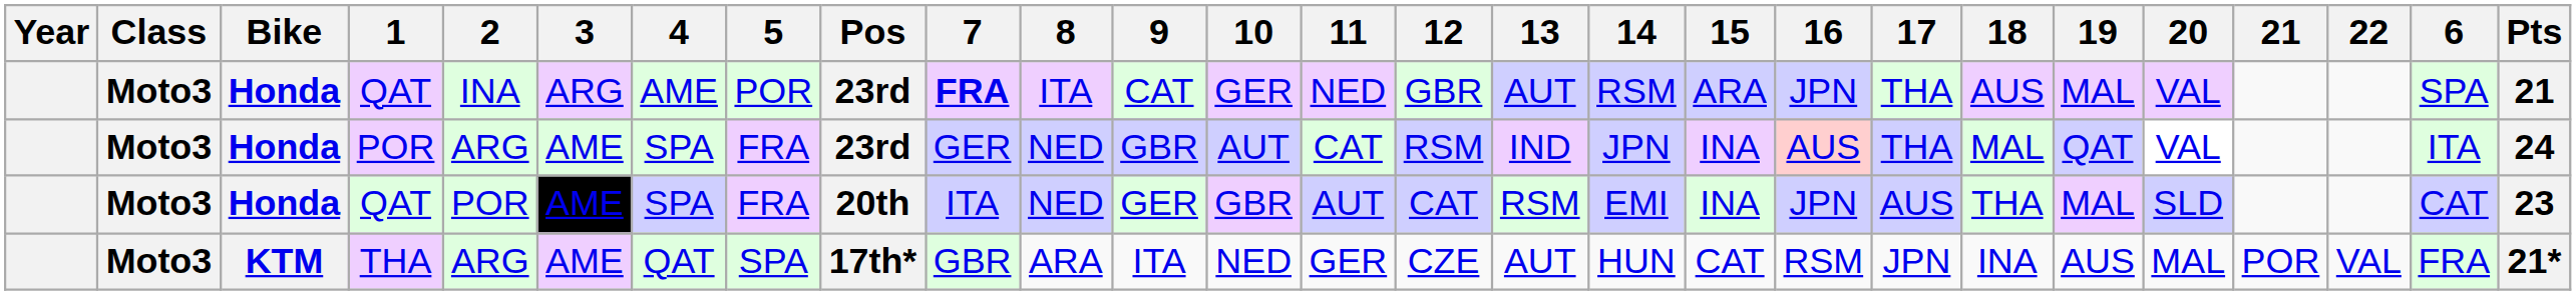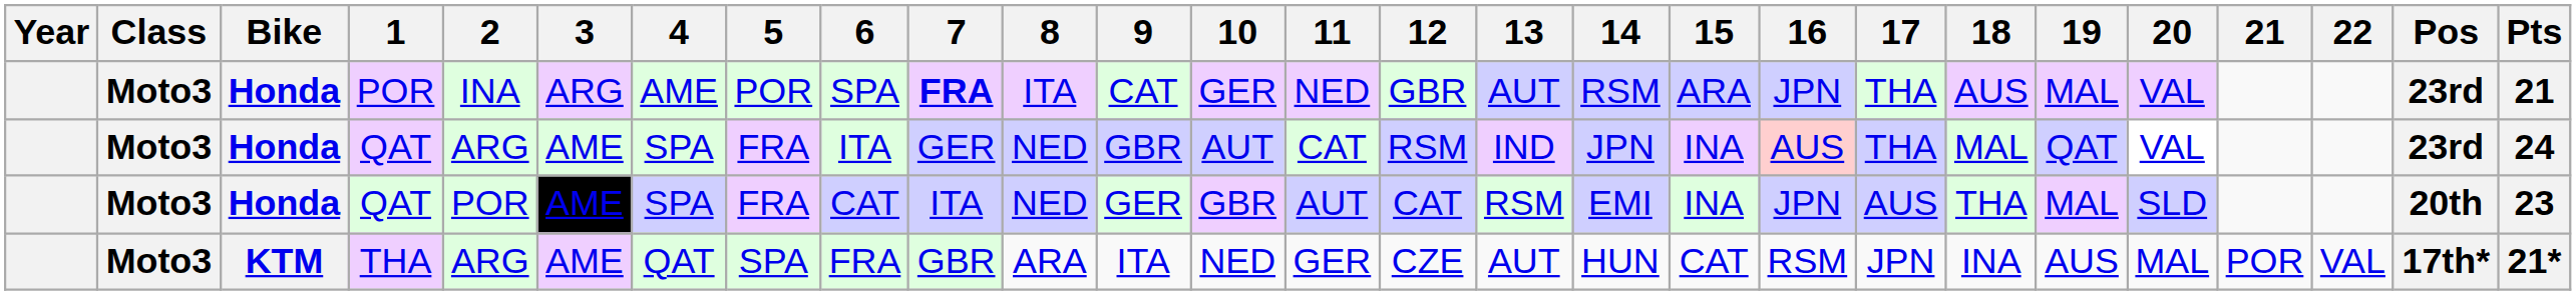 <table class="wikitable" style="text-align:center;">
 <tr>
 <th>Year</th>
 <th>Class</th>
 <th>Bike</th>
 <th>1</th>
 <th>2</th>
 <th>3</th>
 <th>4</th>
 <th>5</th>
-<th>Pos</th>
+<th>6</th>
 <th>7</th>
 <th>8</th>
 <th>9</th>
 <th>10</th>
 <th>11</th>
 <th>12</th>
 <th>13</th>
 <th>14</th>
 <th>15</th>
 <th>16</th>
 <th>17</th>
 <th>18</th>
 <th>19</th>
 <th>20</th>
 <th>21</th>
 <th>22</th>
-<th>6</th>
+<th>Pos</th>
 <th>Pts</th>
 </tr>
 <tr>
 <th></th>
 <th>Moto3</th>
 <th><a href='#'>Honda</a></th>
-<td style="background:#efcfff;"><a href='#'>QAT</a><br></td>
+<td style="background:#efcfff;"><a href='#'>POR</a><br></td>
 <td style="background:#dfffdf;"><a href='#'>INA</a><br></td>
 <td style="background:#efcfff;"><a href='#'>ARG</a><br></td>
 <td style="background:#dfffdf;"><a href='#'>AME</a><br></td>
 <td style="background:#dfffdf;"><a href='#'>POR</a><br></td>
-<th>23rd</th>
+<td style="background:#dfffdf;"><a href='#'>SPA</a><br></td>
 <td style="background:#efcfff;"><strong><a href='#'>FRA</a><br></strong></td>
 <td style="background:#efcfff;"><a href='#'>ITA</a><br></td>
 <td style="background:#dfffdf;"><a href='#'>CAT</a><br></td>
 <td style="background:#efcfff;"><a href='#'>GER</a><br></td>
 <td style="background:#efcfff;"><a href='#'>NED</a><br></td>
 <td style="background:#dfffdf;"><a href='#'>GBR</a><br></td>
 <td style="background:#cfcfff;"><a href='#'>AUT</a><br></td>
 <td style="background:#cfcfff;"><a href='#'>RSM</a><br></td>
 <td style="background:#cfcfff;"><a href='#'>ARA</a><br></td>
 <td style="background:#cfcfff;"><a href='#'>JPN</a><br></td>
 <td style="background:#dfffdf;"><a href='#'>THA</a><br></td>
 <td style="background:#efcfff;"><a href='#'>AUS</a><br></td>
 <td style="background:#efcfff;"><a href='#'>MAL</a><br></td>
 <td style="background:#efcfff;"><a href='#'>VAL</a><br></td>
 <td></td>
 <td></td>
-<td style="background:#dfffdf;"><a href='#'>SPA</a><br></td>
+<th>23rd</th>
 <th>21</th>
 </tr>
 <tr>
 <th></th>
 <th>Moto3</th>
 <th><a href='#'>Honda</a></th>
-<td style="background:#efcfff;"><a href='#'>POR</a><br></td>
+<td style="background:#efcfff;"><a href='#'>QAT</a><br></td>
 <td style="background:#dfffdf;"><a href='#'>ARG</a><br></td>
 <td style="background:#dfffdf;"><a href='#'>AME</a><br></td>
 <td style="background:#dfffdf;"><a href='#'>SPA</a><br></td>
 <td style="background:#efcfff;"><a href='#'>FRA</a><br></td>
-<th>23rd</th>
+<td style="background:#dfffdf;"><a href='#'>ITA</a><br></td>
 <td style="background:#cfcfff;"><a href='#'>GER</a><br></td>
 <td style="background:#cfcfff;"><a href='#'>NED</a><br></td>
 <td style="background:#cfcfff;"><a href='#'>GBR</a><br></td>
 <td style="background:#cfcfff;"><a href='#'>AUT</a><br></td>
 <td style="background:#dfffdf;"><a href='#'>CAT</a><br></td>
 <td style="background:#cfcfff;"><a href='#'>RSM</a><br></td>
 <td style="background:#efcfff;"><a href='#'>IND</a><br></td>
 <td style="background:#cfcfff;"><a href='#'>JPN</a><br></td>
 <td style="background:#efcfff;"><a href='#'>INA</a><br></td>
 <td style="background:#ffcfcf;"><a href='#'>AUS</a><br></td>
 <td style="background:#cfcfff;"><a href='#'>THA</a><br></td>
 <td style="background:#dfffdf;"><a href='#'>MAL</a><br></td>
 <td style="background:#cfcfff;"><a href='#'>QAT</a><br></td>
 <td style="background:#ffffff;"><a href='#'>VAL</a><br></td>
 <td></td>
 <td></td>
-<td style="background:#dfffdf;"><a href='#'>ITA</a><br></td>
+<th>23rd</th>
 <th>24</th>
 </tr>
 <tr>
 <th></th>
 <th>Moto3</th>
 <th><a href='#'>Honda</a></th>
 <td style="background:#DFFFDF;"><a href='#'>QAT</a><br></td>
 <td style="background:#DFFFDF;"><a href='#'>POR</a><br></td>
 <td style="background:#000000; color:#FFFFFF;"><a href='#'><span>AME</span></a><br></td>
 <td style="background:#CFCFFF;"><a href='#'>SPA</a><br></td>
 <td style="background:#EFCFFF;"><a href='#'>FRA</a><br></td>
-<th>20th</th>
+<td style="background:#CFCFFF;"><a href='#'>CAT</a><br></td>
 <td style="background:#CFCFFF;"><a href='#'>ITA</a><br></td>
 <td style="background:#CFCFFF;"><a href='#'>NED</a><br></td>
 <td style="background:#DFFFDF;"><a href='#'>GER</a><br></td>
 <td style="background:#EFCFFF;"><a href='#'>GBR</a><br></td>
 <td style="background:#CFCFFF;"><a href='#'>AUT</a><br></td>
 <td style="background:#CFCFFF;"><a href='#'>CAT</a><br></td>
 <td style="background:#DFFFDF;"><a href='#'>RSM</a><br></td>
 <td style="background:#CFCFFF;"><a href='#'>EMI</a><br></td>
 <td style="background:#DFFFDF;"><a href='#'>INA</a><br></td>
 <td style="background:#CFCFFF;"><a href='#'>JPN</a><br></td>
 <td style="background:#CFCFFF;"><a href='#'>AUS</a><br></td>
 <td style="background:#DFFFDF;"><a href='#'>THA</a><br></td>
 <td style="background:#EFCFFF;"><a href='#'>MAL</a><br></td>
 <td style="background:#CFCFFF;"><a href='#'>SLD</a><br></td>
 <td></td>
 <td></td>
-<td style="background:#CFCFFF;"><a href='#'>CAT</a><br></td>
+<th>20th</th>
 <th>23</th>
 </tr>
 <tr>
 <th></th>
 <th>Moto3</th>
 <th><a href='#'>KTM</a></th>
 <td style="background:#EFCFFF;"><a href='#'>THA</a><br></td>
 <td style="background:#DFFFDF;"><a href='#'>ARG</a><br></td>
 <td style="background:#EFCFFF;"><a href='#'>AME</a><br></td>
 <td style="background:#DFFFDF;"><a href='#'>QAT</a><br></td>
 <td style="background:#DFFFDF;"><a href='#'>SPA</a><br></td>
-<th>17th*</th>
+<td style="background:#DFFFDF;"><a href='#'>FRA</a><br></td>
 <td style="background:#DFFFDF;"><a href='#'>GBR</a><br></td>
 <td style="background:#;"><a href='#'>ARA</a><br></td>
 <td style="background:#;"><a href='#'>ITA</a><br></td>
 <td style="background:#;"><a href='#'>NED</a><br></td>
 <td style="background:#;"><a href='#'>GER</a><br></td>
 <td style="background:#;"><a href='#'>CZE</a><br></td>
 <td style="background:#;"><a href='#'>AUT</a><br></td>
 <td style="background:#;"><a href='#'>HUN</a><br></td>
 <td style="background:#;"><a href='#'>CAT</a><br></td>
 <td style="background:#;"><a href='#'>RSM</a><br></td>
 <td style="background:#;"><a href='#'>JPN</a><br></td>
 <td style="background:#;"><a href='#'>INA</a><br></td>
 <td style="background:#;"><a href='#'>AUS</a><br></td>
 <td style="background:#;"><a href='#'>MAL</a><br></td>
 <td style="background:#;"><a href='#'>POR</a><br></td>
 <td style="background:#;"><a href='#'>VAL</a><br></td>
-<td style="background:#DFFFDF;"><a href='#'>FRA</a><br></td>
+<th>17th*</th>
 <th>21*</th>
 </tr>
 </table>
